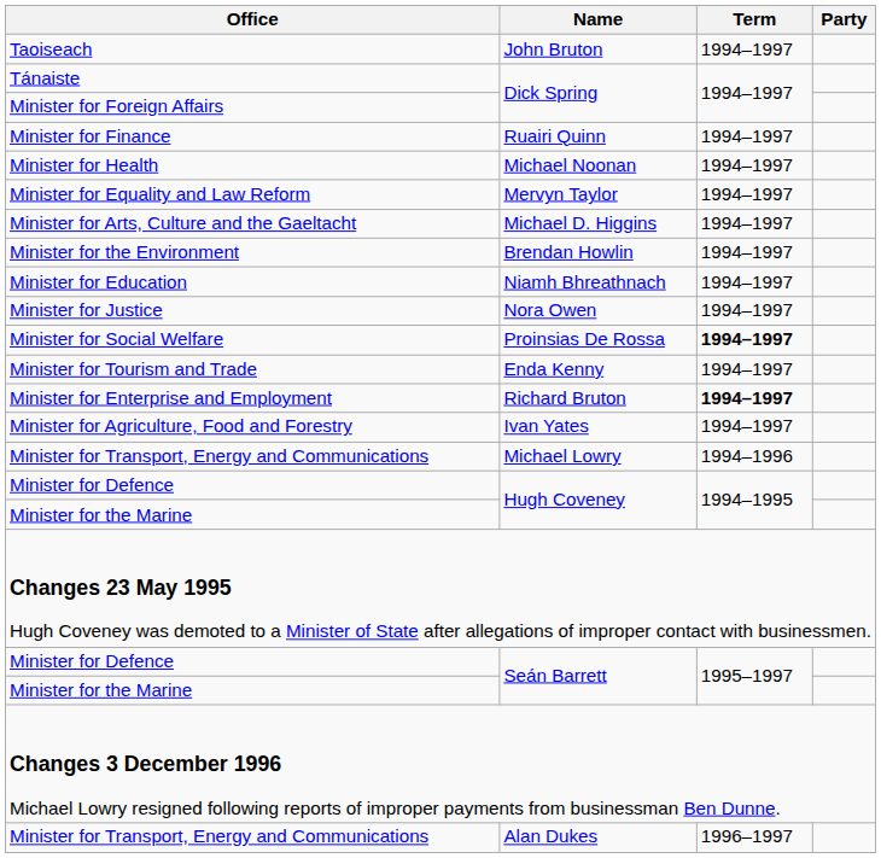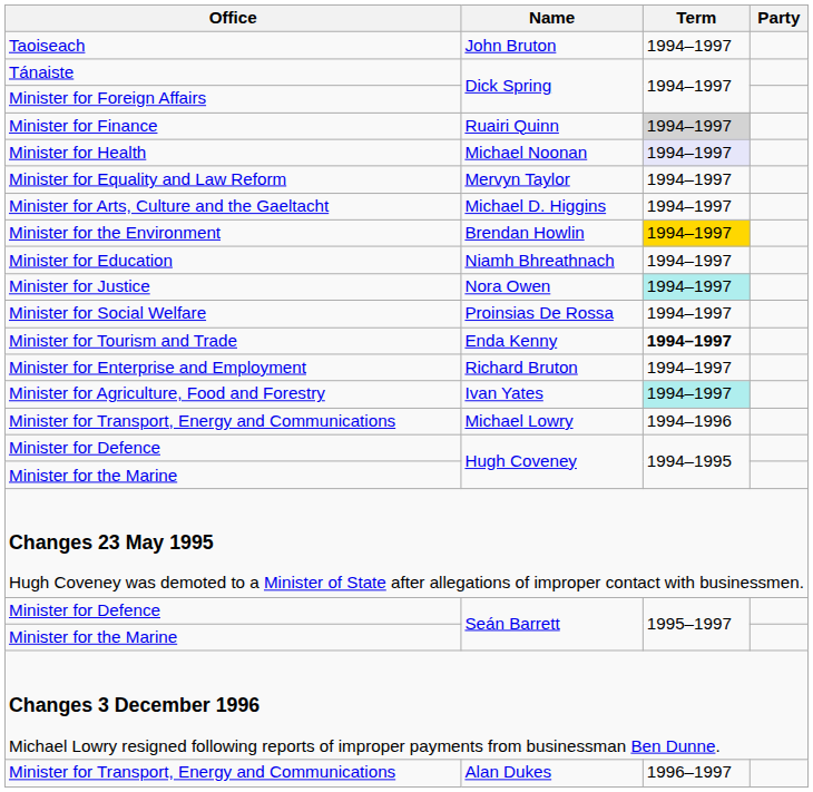 <table class="wikitable">
 <tr>
 <th>Office</th>
 <th>Name</th>
 <th>Term</th>
 <th colspan="2">Party</th>
 </tr>
 <tr>
 <td><a href='#'>Taoiseach</a></td>
 <td><a href='#'>John Bruton</a></td>
 <td>1994–1997</td>
 <td></td>
 </tr>
 <tr>
 <td><a href='#'>Tánaiste</a></td>
 <td rowspan=2><a href='#'>Dick Spring</a></td>
 <td rowspan=2>1994–1997</td>
 <td></td>
 </tr>
 <tr>
 <td><a href='#'>Minister for Foreign Affairs</a></td>
 </tr>
 <tr>
 <td><a href='#'>Minister for Finance</a></td>
 <td><a href='#'>Ruairi Quinn</a></td>
-<td>1994–1997</td>
+<td style="background: lightgrey;">1994–1997</td>
 <td></td>
 </tr>
 <tr>
 <td><a href='#'>Minister for Health</a></td>
 <td><a href='#'>Michael Noonan</a></td>
-<td>1994–1997</td>
+<td style="background: lavender;">1994–1997</td>
 <td></td>
 </tr>
 <tr>
 <td><a href='#'>Minister for Equality and Law Reform</a></td>
 <td><a href='#'>Mervyn Taylor</a></td>
 <td>1994–1997</td>
 <td></td>
 </tr>
 <tr>
 <td><a href='#'>Minister for Arts, Culture and the Gaeltacht</a></td>
 <td><a href='#'>Michael D. Higgins</a></td>
 <td>1994–1997</td>
 <td></td>
 </tr>
 <tr>
 <td><a href='#'>Minister for the Environment</a></td>
 <td><a href='#'>Brendan Howlin</a></td>
-<td>1994–1997</td>
+<td style="background: gold;">1994–1997</td>
 <td></td>
 </tr>
 <tr>
 <td><a href='#'>Minister for Education</a></td>
 <td><a href='#'>Niamh Bhreathnach</a></td>
 <td>1994–1997</td>
 <td></td>
 </tr>
 <tr>
 <td><a href='#'>Minister for Justice</a></td>
 <td><a href='#'>Nora Owen</a></td>
-<td>1994–1997</td>
+<td style="background: paleturquoise;">1994–1997</td>
 <td></td>
 </tr>
 <tr>
 <td><a href='#'>Minister for Social Welfare</a></td>
 <td><a href='#'>Proinsias De Rossa</a></td>
-<td><strong>1994–1997</strong></td>
+<td>1994–1997</td>
 <td></td>
 </tr>
 <tr>
 <td><a href='#'>Minister for Tourism and Trade</a></td>
 <td><a href='#'>Enda Kenny</a></td>
-<td>1994–1997</td>
+<td><strong>1994–1997</strong></td>
 <td></td>
 </tr>
 <tr>
 <td><a href='#'>Minister for Enterprise and Employment</a></td>
 <td><a href='#'>Richard Bruton</a></td>
-<td><strong>1994–1997</strong></td>
+<td>1994–1997</td>
 <td></td>
 </tr>
 <tr>
 <td><a href='#'>Minister for Agriculture, Food and Forestry</a></td>
 <td><a href='#'>Ivan Yates</a></td>
-<td>1994–1997</td>
+<td style="background: paleturquoise;">1994–1997</td>
 <td></td>
 </tr>
 <tr>
 <td><a href='#'>Minister for Transport, Energy and Communications</a></td>
 <td><a href='#'>Michael Lowry</a></td>
 <td>1994–1996</td>
 <td></td>
 </tr>
 <tr>
 <td><a href='#'>Minister for Defence</a></td>
 <td rowspan=2><a href='#'>Hugh Coveney</a></td>
 <td rowspan=2>1994–1995</td>
 <td></td>
 </tr>
 <tr>
 <td><a href='#'>Minister for the Marine</a></td>
 </tr>
 <tr>
 <td colspan=7><br><h3>Changes 23 May 1995</h3>Hugh Coveney was demoted to a <a href='#'>Minister of State</a> after allegations of improper contact with businessmen.</td>
 </tr>
 <tr>
 <td><a href='#'>Minister for Defence</a></td>
 <td rowspan="2"><a href='#'>Seán Barrett</a></td>
 <td rowspan="2">1995–1997</td>
 <td></td>
 </tr>
 <tr>
 <td><a href='#'>Minister for the Marine</a></td>
 </tr>
 <tr>
 <td colspan=7><br><h3>Changes 3 December 1996</h3>Michael Lowry resigned following reports of improper payments from businessman <a href='#'>Ben Dunne</a>.</td>
 </tr>
 <tr>
 <td><a href='#'>Minister for Transport, Energy and Communications</a></td>
 <td><a href='#'>Alan Dukes</a></td>
 <td>1996–1997</td>
 <td></td>
 </tr>
 </table>
